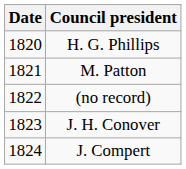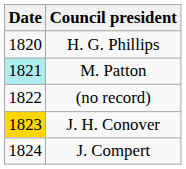 <table class="wikitable">
 <tr>
 <th>Date</th>
 <th>Council president</th>
 </tr>
 <tr align=center>
 <td>1820</td>
 <td>H. G. Phillips</td>
 </tr>
 <tr align=center>
-<td>1821</td>
+<td style="background: paleturquoise;">1821</td>
 <td>M. Patton</td>
 </tr>
 <tr align=center>
 <td>1822</td>
 <td>(no record)</td>
 </tr>
 <tr align=center>
-<td>1823</td>
+<td style="background: gold;">1823</td>
 <td>J. H. Conover</td>
 </tr>
 <tr align=center>
 <td>1824</td>
 <td>J. Compert</td>
 </tr>
 </table>
